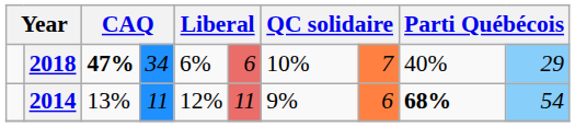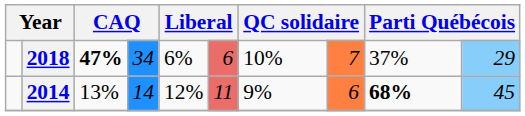 <table class="wikitable" style="width:400; font-size:90%; margin-left:1em;">
 <tr>
 <th colspan="2" scope="col">Year</th>
 <th colspan="2" scope="col"><a href='#'>CAQ</a></th>
 <th colspan="2" scope="col"><a href='#'>Liberal</a></th>
 <th colspan="2" scope="col"><a href='#'>QC solidaire</a></th>
 <th colspan="2" scope="col"><a href='#'>Parti Québécois</a></th>
 </tr>
 <tr>
 <td style="width: 0.25em; background-color: "></td>
 <th><a href='#'>2018</a></th>
 <td><strong>47%</strong></td>
 <td style="text-align:right; background:#1E90FF;"><em>34</em></td>
 <td>6%</td>
 <td style="text-align:right; background:#EA6D6A;"><em>6</em></td>
 <td>10%</td>
 <td style="text-align:right; background:#FF8040;"><em>7</em></td>
-<td>40%</td>
+<td>37%</td>
 <td style="text-align:right; background:#87CEFA;"><em>29</em></td>
 </tr>
 <tr>
 <td style="width: 0.25em; background-color: "></td>
 <th><a href='#'>2014</a></th>
 <td>13%</td>
-<td style="text-align:right; background:#1E90FF;"><em>11</em></td>
+<td style="text-align:right; background:#1E90FF;"><em>14</em></td>
 <td>12%</td>
 <td style="text-align:right; background:#EA6D6A;"><em>11</em></td>
 <td>9%</td>
 <td style="text-align:right; background:#FF8040;"><em>6</em></td>
 <td><strong>68%</strong></td>
-<td style="text-align:right; background:#87CEFA;"><em>54</em></td>
+<td style="text-align:right; background:#87CEFA;"><em>45</em></td>
 </tr>
 <tr>
 </tr>
 </table>
